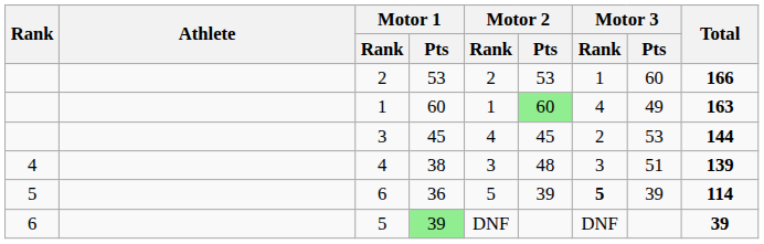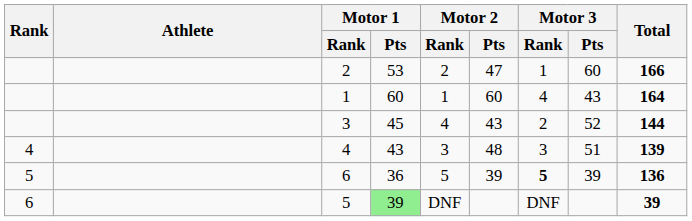 <table class=wikitable style="text-align:center">
 <tr>
 <th width=40 rowspan=2>Rank</th>
 <th width=250 rowspan=2>Athlete</th>
 <th colspan=2>Motor 1</th>
 <th colspan=2>Motor 2</th>
 <th colspan=2>Motor 3</th>
 <th width=60 rowspan=2>Total</th>
 </tr>
 <tr>
 <th width=40>Rank</th>
 <th width=40>Pts</th>
 <th width=40>Rank</th>
 <th width=40>Pts</th>
 <th width=40>Rank</th>
 <th width=40>Pts</th>
 </tr>
 <tr>
 <td></td>
 <td align=left></td>
 <td>2</td>
 <td>53</td>
 <td>2</td>
-<td>53</td>
+<td>47</td>
 <td>1</td>
 <td>60</td>
 <td><strong>166</strong></td>
 </tr>
 <tr>
 <td></td>
 <td align=left></td>
 <td>1</td>
 <td>60</td>
 <td>1</td>
-<td style="background: lightgreen;">60</td>
+<td>60</td>
 <td>4</td>
-<td>49</td>
-<td><strong>163</strong></td>
+<td>43</td>
+<td><strong>164</strong></td>
 </tr>
 <tr>
 <td></td>
 <td align=left></td>
 <td>3</td>
 <td>45</td>
 <td>4</td>
-<td>45</td>
+<td>43</td>
 <td>2</td>
-<td>53</td>
+<td>52</td>
 <td><strong>144</strong></td>
 </tr>
 <tr>
 <td>4</td>
 <td align=left></td>
 <td>4</td>
-<td>38</td>
+<td>43</td>
 <td>3</td>
 <td>48</td>
 <td>3</td>
 <td>51</td>
 <td><strong>139</strong></td>
 </tr>
 <tr>
 <td>5</td>
 <td align=left></td>
 <td>6</td>
 <td>36</td>
 <td>5</td>
 <td>39</td>
 <td><strong>5</strong></td>
 <td>39</td>
-<td><strong>114</strong></td>
+<td><strong>136</strong></td>
 </tr>
 <tr>
 <td>6</td>
 <td align=left></td>
 <td>5</td>
 <td style="background: lightgreen;">39</td>
 <td>DNF</td>
 <td></td>
 <td>DNF</td>
 <td></td>
 <td><strong>39</strong></td>
 </tr>
 </table>
